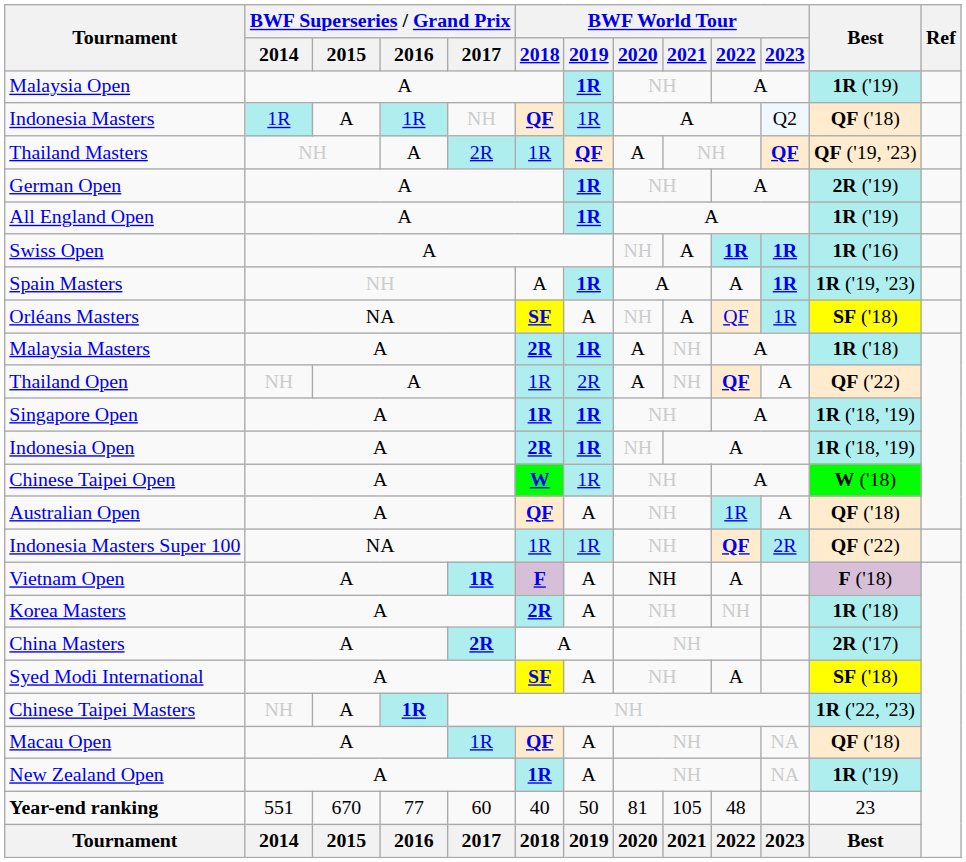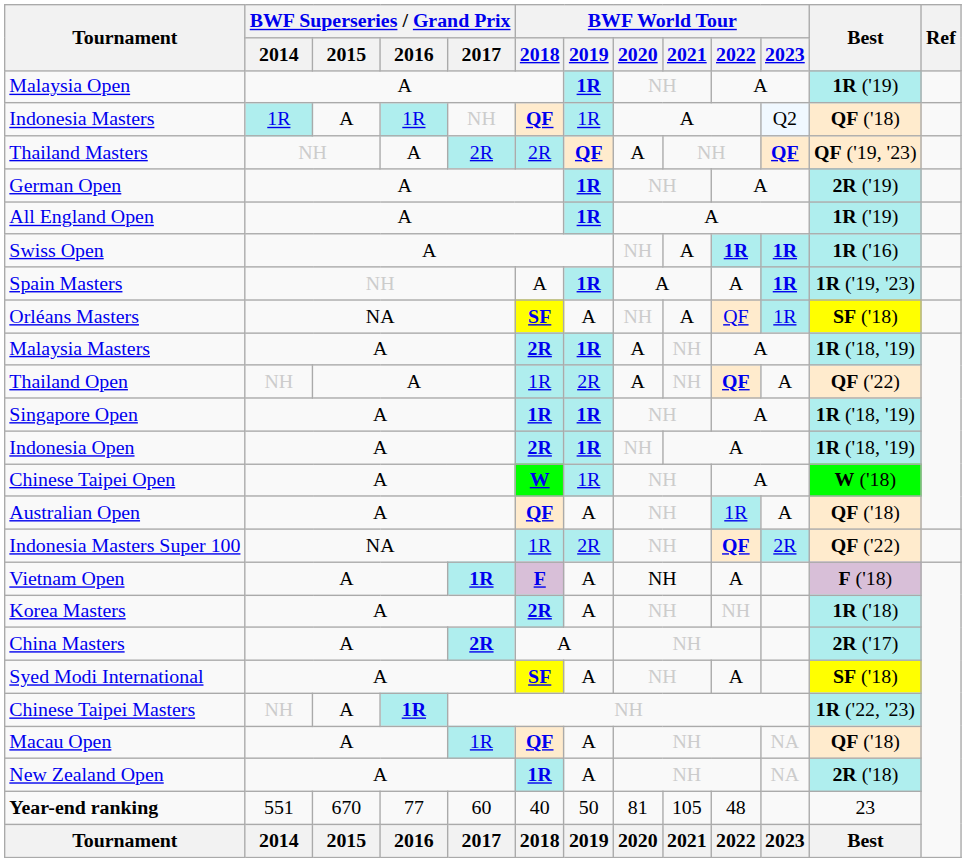 <table class="wikitable" style="font-size: 90%; text-align:center">
 <tr>
 <th rowspan="2">Tournament</th>
 <th colspan="4"><strong><a href='#'>BWF Superseries</a> / <a href='#'>Grand Prix</a></strong></th>
 <th colspan="6"><strong><a href='#'>BWF World Tour</a></strong></th>
 <th rowspan="2">Best</th>
 <th rowspan="2">Ref</th>
 </tr>
 <tr>
 <th>2014</th>
 <th>2015</th>
 <th>2016</th>
 <th>2017</th>
 <th><a href='#'>2018</a></th>
 <th><a href='#'>2019</a></th>
 <th><a href='#'>2020</a></th>
 <th><a href='#'>2021</a></th>
 <th><a href='#'>2022</a></th>
 <th><a href='#'>2023</a></th>
 </tr>
 <tr>
 <td align=left><a href='#'>Malaysia Open</a></td>
 <td colspan="5">A</td>
 <td bgcolor=AFEEEE><a href='#'><strong>1R</strong></a></td>
 <td colspan="2" style=color:#ccc>NH</td>
 <td colspan="2">A</td>
 <td bgcolor=AFEEEE><strong>1R</strong> ('19)</td>
 <td></td>
 </tr>
 <tr>
 <td align=left><a href='#'>Indonesia Masters</a></td>
 <td bgcolor=AFEEEE><a href='#'>1R</a></td>
 <td>A</td>
 <td bgcolor=AFEEEE><a href='#'>1R</a></td>
 <td style=color:#ccc>NH</td>
 <td bgcolor=FFEBCD><a href='#'><strong>QF</strong></a></td>
 <td bgcolor=AFEEEE><a href='#'>1R</a></td>
 <td colspan="3">A</td>
 <td 2023; bgcolor=f0f8ff>Q2</td>
 <td bgcolor=FFEBCD><strong>QF</strong> ('18)</td>
 <td></td>
 </tr>
 <tr>
 <td align=left><a href='#'>Thailand Masters</a></td>
 <td colspan="2" style=color:#ccc>NH</td>
 <td>A</td>
 <td bgcolor=AFEEEE><a href='#'>2R</a></td>
-<td bgcolor=AFEEEE><a href='#'>1R</a></td>
+<td bgcolor=AFEEEE><a href='#'>2R</a></td>
 <td bgcolor=FFEBCD><a href='#'><strong>QF</strong></a></td>
 <td>A</td>
 <td colspan="2" style=color:#ccc>NH</td>
 <td bgcolor=FFEBCD><strong><a href='#'>QF</a></strong></td>
 <td bgcolor=FFEBCD><strong>QF</strong> ('19, '23)</td>
 <td></td>
 </tr>
 <tr>
 <td align=left><a href='#'>German Open</a></td>
 <td colspan="5">A</td>
 <td bgcolor=AFEEEE><a href='#'><strong>1R</strong></a></td>
 <td colspan="2" style=color:#ccc>NH</td>
 <td colspan="2">A</td>
 <td bgcolor=AFEEEE><strong>2R</strong> ('19)</td>
 <td></td>
 </tr>
 <tr>
 <td align=left><a href='#'>All England Open</a></td>
 <td colspan="5">A</td>
 <td bgcolor=AFEEEE><a href='#'><strong>1R</strong></a></td>
 <td colspan="4">A</td>
 <td bgcolor=AFEEEE><strong>1R</strong> ('19)</td>
 <td></td>
 </tr>
 <tr>
 <td align=left><a href='#'>Swiss Open</a></td>
 <td colspan="6">A</td>
 <td style=color:#ccc>NH</td>
 <td>A</td>
 <td bgcolor=AFEEEE><strong><a href='#'>1R</a></strong></td>
 <td bgcolor=AFEEEE><strong><a href='#'>1R</a></strong></td>
 <td bgcolor=AFEEEE><strong>1R</strong> ('16)</td>
 <td></td>
 </tr>
 <tr>
 <td align=left><a href='#'>Spain Masters</a></td>
 <td colspan="4" style=color:#ccc>NH</td>
 <td>A</td>
 <td bgcolor=AFEEEE><a href='#'><strong>1R</strong></a></td>
 <td colspan="2">A</td>
 <td>A</td>
 <td bgcolor=AFEEEE><strong><a href='#'>1R</a></strong></td>
 <td bgcolor=AFEEEE><strong>1R</strong> ('19, '23)</td>
 <td></td>
 </tr>
 <tr>
 <td align=left><a href='#'>Orléans Masters</a></td>
 <td colspan="4">NA</td>
 <td bgcolor=FFFF00><a href='#'><strong>SF</strong></a></td>
 <td>A</td>
 <td style=color:#ccc>NH</td>
 <td>A</td>
 <td bgcolor=FFEBCD><a href='#'>QF</a></td>
 <td bgcolor=AFEEEE><a href='#'>1R</a></td>
 <td bgcolor=FFFF00><strong>SF</strong> ('18)</td>
 <td></td>
 </tr>
 <tr>
 <td align=left><a href='#'>Malaysia Masters</a></td>
 <td colspan="4">A</td>
 <td bgcolor=AFEEEE><a href='#'><strong>2R</strong></a></td>
 <td bgcolor=AFEEEE><a href='#'><strong>1R</strong></a></td>
 <td>A</td>
 <td style=color:#ccc>NH</td>
 <td colspan="2">A</td>
-<td bgcolor=AFEEEE><strong>1R</strong> ('18)</td>
+<td bgcolor=AFEEEE><strong>1R</strong> ('18, '19)</td>
 </tr>
 <tr>
 <td align=left><a href='#'>Thailand Open</a></td>
 <td style=color:#ccc>NH</td>
 <td colspan="3">A</td>
 <td bgcolor=AFEEEE><a href='#'>1R</a></td>
 <td bgcolor=AFEEEE><a href='#'>2R</a></td>
 <td>A</td>
 <td style=color:#ccc>NH</td>
 <td bgcolor=FFEBCD><strong><a href='#'>QF</a></strong></td>
 <td>A</td>
 <td bgcolor=FFEBCD><strong>QF</strong> ('22)</td>
 </tr>
 <tr>
 <td align=left><a href='#'>Singapore Open</a></td>
 <td colspan="4">A</td>
 <td bgcolor=AFEEEE><a href='#'><strong>1R</strong></a></td>
 <td bgcolor=AFEEEE><a href='#'><strong>1R</strong></a></td>
 <td colspan="2" style=color:#ccc>NH</td>
 <td colspan="2">A</td>
 <td bgcolor=AFEEEE><strong>1R</strong> ('18, '19)</td>
 </tr>
 <tr>
 <td align=left><a href='#'>Indonesia Open</a></td>
 <td colspan="4">A</td>
 <td bgcolor=AFEEEE><a href='#'><strong>2R</strong></a></td>
 <td bgcolor=AFEEEE><a href='#'><strong>1R</strong></a></td>
 <td style=color:#ccc>NH</td>
 <td colspan="3">A</td>
 <td bgcolor=AFEEEE><strong>1R</strong> ('18, '19)</td>
 </tr>
 <tr>
 <td align=left><a href='#'>Chinese Taipei Open</a></td>
 <td colspan="4">A</td>
 <td bgcolor=00FF00><a href='#'><strong>W</strong></a></td>
 <td bgcolor=AFEEEE><a href='#'>1R</a></td>
 <td colspan="2" style=color:#ccc>NH</td>
 <td colspan="2">A</td>
 <td bgcolor=00FF00><strong>W</strong> ('18)</td>
 </tr>
 <tr>
 <td align=left><a href='#'>Australian Open</a></td>
 <td colspan="4">A</td>
 <td bgcolor=FFEBCD><a href='#'><strong>QF</strong></a></td>
 <td>A</td>
 <td colspan="2" style=color:#ccc>NH</td>
 <td bgcolor=AFEEEE><a href='#'>1R</a></td>
 <td>A</td>
 <td bgcolor=FFEBCD><strong>QF</strong> ('18)</td>
 </tr>
 <tr>
 <td align=left><a href='#'>Indonesia Masters Super 100</a></td>
 <td colspan="4">NA</td>
 <td bgcolor=AFEEEE><a href='#'>1R</a></td>
-<td bgcolor=AFEEEE><a href='#'>1R</a></td>
+<td bgcolor=AFEEEE><a href='#'>2R</a></td>
 <td colspan="2" style=color:#ccc>NH</td>
 <td bgcolor=FFEBCD><strong><a href='#'>QF</a></strong></td>
 <td bgcolor=AFEEEE><a href='#'>2R</a></td>
 <td bgcolor=FFEBCD><strong>QF</strong> ('22)</td>
 <td></td>
 </tr>
 <tr>
 <td align=left><a href='#'>Vietnam Open</a></td>
 <td colspan="3">A</td>
 <td bgcolor=AFEEEE><strong><a href='#'>1R</a></strong></td>
 <td bgcolor=D8BFD8><a href='#'><strong>F</strong></a></td>
 <td>A</td>
 <td colspan="2 style=color:#ccc">NH</td>
 <td>A</td>
 <td></td>
 <td bgcolor=D8BFD8><strong>F</strong> ('18)</td>
 </tr>
 <tr>
 <td align=left><a href='#'>Korea Masters</a></td>
 <td colspan="4">A</td>
 <td bgcolor=AFEEEE><a href='#'><strong>2R</strong></a></td>
 <td>A</td>
 <td colspan="2" style=color:#ccc>NH</td>
 <td style=color:#ccc>NH</td>
 <td></td>
 <td bgcolor=AFEEEE><strong>1R</strong> ('18)</td>
 </tr>
 <tr>
 <td align=left><a href='#'>China Masters</a></td>
 <td colspan="3">A</td>
 <td bgcolor=AFEEEE><a href='#'><strong>2R</strong></a></td>
 <td colspan="2">A</td>
 <td colspan="3" style=color:#ccc>NH</td>
 <td></td>
 <td bgcolor=AFEEEE><strong>2R</strong> ('17)</td>
 </tr>
 <tr>
 <td align=left><a href='#'>Syed Modi International</a></td>
 <td colspan="4">A</td>
 <td bgcolor=FFFF00><a href='#'><strong>SF</strong></a></td>
 <td>A</td>
 <td colspan="2" style=color:#ccc>NH</td>
 <td>A</td>
 <td></td>
 <td bgcolor=FFFF00><strong>SF</strong> ('18)</td>
 </tr>
 <tr>
 <td align=left><a href='#'>Chinese Taipei Masters</a></td>
 <td style=color:#ccc>NH</td>
 <td>A</td>
 <td bgcolor=AFEEEE><a href='#'><strong>1R</strong></a></td>
 <td colspan="7" style=color:#ccc>NH</td>
 <td bgcolor=AFEEEE><strong>1R</strong> ('22, '23)</td>
 </tr>
 <tr>
 <td align=left><a href='#'>Macau Open</a></td>
 <td colspan="3">A</td>
 <td bgcolor=AFEEEE><a href='#'>1R</a></td>
 <td bgcolor=FFEBCD><a href='#'><strong>QF</strong></a></td>
 <td>A</td>
 <td colspan="3" style=color:#ccc>NH</td>
 <td colspan="1" style=color:#ccc>NA</td>
 <td bgcolor=FFEBCD><strong>QF</strong> ('18)</td>
 </tr>
 <tr>
 <td align=left><a href='#'>New Zealand Open</a></td>
 <td colspan="4">A</td>
 <td bgcolor=AFEEEE><a href='#'><strong>1R</strong></a></td>
 <td>A</td>
 <td colspan="3" style=color:#ccc>NH</td>
 <td colspan="1" style=color:#ccc>NA</td>
-<td bgcolor=AFEEEE><strong>1R</strong> ('19)</td>
+<td bgcolor=AFEEEE><strong>2R</strong> ('18)</td>
 </tr>
 <tr>
 <td align=left><strong>Year-end ranking</strong></td>
 <td>551</td>
 <td>670</td>
 <td>77</td>
 <td>60</td>
 <td>40</td>
 <td>50</td>
 <td>81</td>
 <td>105</td>
 <td>48</td>
 <td></td>
 <td>23</td>
 </tr>
 <tr>
 <th>Tournament</th>
 <th>2014</th>
 <th>2015</th>
 <th>2016</th>
 <th>2017</th>
 <th>2018</th>
 <th>2019</th>
 <th>2020</th>
 <th>2021</th>
 <th>2022</th>
 <th>2023</th>
 <th>Best</th>
 </tr>
 </table>
